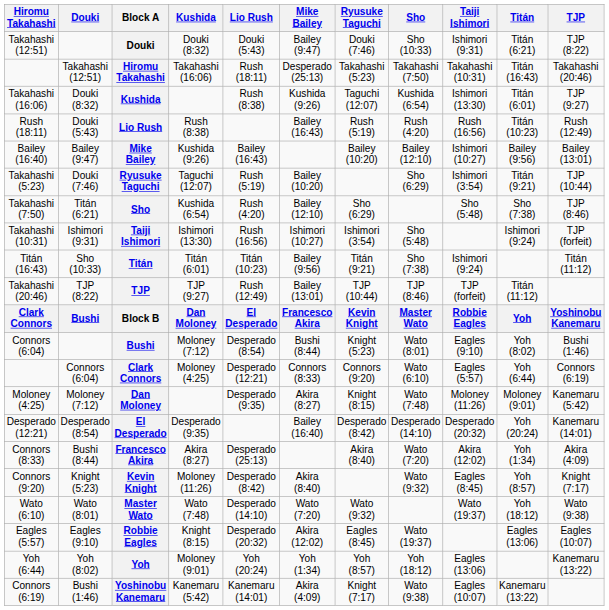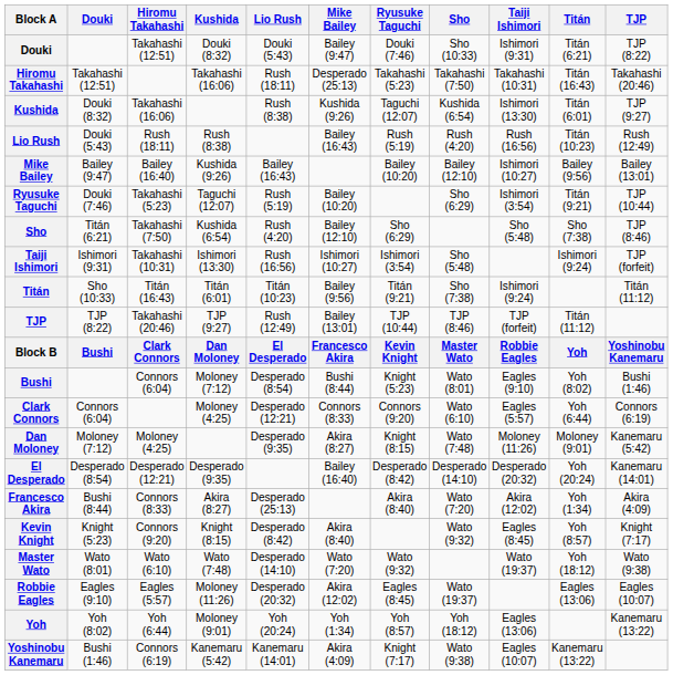 <table class="wikitable" style="margin: 1em auto 1em auto">
 <tr align="center">
+<th>Block A</th>
+<th><a href='#'>Douki</a></th>
 <th><a href='#'>Hiromu Takahashi</a></th>
-<th><a href='#'>Douki</a></th>
-<th>Block A</th>
 <th><a href='#'>Kushida</a></th>
 <th><a href='#'>Lio Rush</a></th>
 <th><a href='#'>Mike Bailey</a></th>
 <th><a href='#'>Ryusuke Taguchi</a></th>
 <th><a href='#'>Sho</a></th>
 <th><a href='#'>Taiji Ishimori</a></th>
 <th><a href='#'>Titán</a></th>
 <th><a href='#'>TJP</a></th>
 </tr>
 <tr align="center">
+<th>Douki</th>
+<td></td>
 <td>Takahashi<br>(12:51)</td>
-<td></td>
-<th>Douki</th>
 <td>Douki<br>(8:32)</td>
 <td>Douki<br>(5:43)</td>
 <td>Bailey<br>(9:47)</td>
 <td>Douki<br>(7:46)</td>
 <td>Sho<br>(10:33)</td>
 <td>Ishimori<br>(9:31)</td>
 <td>Titán<br>(6:21)</td>
 <td>TJP<br>(8:22)</td>
 </tr>
 <tr align="center">
+<th><a href='#'>Hiromu Takahashi</a></th>
+<td>Takahashi<br>(12:51)</td>
 <td></td>
-<td>Takahashi<br>(12:51)</td>
-<th><a href='#'>Hiromu Takahashi</a></th>
 <td>Takahashi<br>(16:06)</td>
 <td>Rush<br>(18:11)</td>
 <td>Desperado<br>(25:13)</td>
 <td>Takahashi<br>(5:23)</td>
 <td>Takahashi<br>(7:50)</td>
 <td>Takahashi<br>(10:31)</td>
 <td>Titán<br>(16:43)</td>
 <td>Takahashi<br>(20:46)</td>
 </tr>
 <tr align="center">
+<th><a href='#'>Kushida</a></th>
+<td>Douki<br>(8:32)</td>
 <td>Takahashi<br>(16:06)</td>
-<td>Douki<br>(8:32)</td>
-<th><a href='#'>Kushida</a></th>
 <td></td>
 <td>Rush<br>(8:38)</td>
 <td>Kushida<br>(9:26)</td>
 <td>Taguchi<br>(12:07)</td>
 <td>Kushida<br>(6:54)</td>
 <td>Ishimori<br>(13:30)</td>
 <td>Titán<br>(6:01)</td>
 <td>TJP<br>(9:27)</td>
 </tr>
 <tr align="center">
+<th><a href='#'>Lio Rush</a></th>
+<td>Douki<br>(5:43)</td>
 <td>Rush<br>(18:11)</td>
-<td>Douki<br>(5:43)</td>
-<th><a href='#'>Lio Rush</a></th>
 <td>Rush<br>(8:38)</td>
 <td></td>
 <td>Bailey<br>(16:43)</td>
 <td>Rush<br>(5:19)</td>
 <td>Rush<br>(4:20)</td>
 <td>Rush<br>(16:56)</td>
 <td>Titán<br>(10:23)</td>
 <td>Rush<br>(12:49)</td>
 </tr>
 <tr align="center">
+<th><a href='#'>Mike Bailey</a></th>
+<td>Bailey<br>(9:47)</td>
 <td>Bailey<br>(16:40)</td>
-<td>Bailey<br>(9:47)</td>
-<th><a href='#'>Mike Bailey</a></th>
 <td>Kushida<br>(9:26)</td>
 <td>Bailey<br>(16:43)</td>
 <td></td>
 <td>Bailey<br>(10:20)</td>
 <td>Bailey<br>(12:10)</td>
 <td>Ishimori<br>(10:27)</td>
 <td>Bailey<br>(9:56)</td>
 <td>Bailey<br>(13:01)</td>
 </tr>
 <tr align="center">
+<th><a href='#'>Ryusuke Taguchi</a></th>
+<td>Douki<br>(7:46)</td>
 <td>Takahashi<br>(5:23)</td>
-<td>Douki<br>(7:46)</td>
-<th><a href='#'>Ryusuke Taguchi</a></th>
 <td>Taguchi<br>(12:07)</td>
 <td>Rush<br>(5:19)</td>
 <td>Bailey<br>(10:20)</td>
 <td></td>
 <td>Sho<br>(6:29)</td>
 <td>Ishimori<br>(3:54)</td>
 <td>Titán<br>(9:21)</td>
 <td>TJP<br>(10:44)</td>
 </tr>
 <tr align="center">
+<th><a href='#'>Sho</a></th>
+<td>Titán<br>(6:21)</td>
 <td>Takahashi<br>(7:50)</td>
-<td>Titán<br>(6:21)</td>
-<th><a href='#'>Sho</a></th>
 <td>Kushida<br>(6:54)</td>
 <td>Rush<br>(4:20)</td>
 <td>Bailey<br>(12:10)</td>
 <td>Sho<br>(6:29)</td>
 <td></td>
 <td>Sho<br>(5:48)</td>
 <td>Sho<br>(7:38)</td>
 <td>TJP<br>(8:46)</td>
 </tr>
 <tr align="center">
+<th><a href='#'>Taiji Ishimori</a></th>
+<td>Ishimori<br>(9:31)</td>
 <td>Takahashi<br>(10:31)</td>
-<td>Ishimori<br>(9:31)</td>
-<th><a href='#'>Taiji Ishimori</a></th>
 <td>Ishimori<br>(13:30)</td>
 <td>Rush<br>(16:56)</td>
 <td>Ishimori<br>(10:27)</td>
 <td>Ishimori<br>(3:54)</td>
 <td>Sho<br>(5:48)</td>
 <td></td>
 <td>Ishimori<br>(9:24)</td>
 <td>TJP<br>(forfeit)</td>
 </tr>
 <tr align="center">
+<th><a href='#'>Titán</a></th>
+<td>Sho<br>(10:33)</td>
 <td>Titán<br>(16:43)</td>
-<td>Sho<br>(10:33)</td>
-<th><a href='#'>Titán</a></th>
 <td>Titán<br>(6:01)</td>
 <td>Titán<br>(10:23)</td>
 <td>Bailey<br>(9:56)</td>
 <td>Titán<br>(9:21)</td>
 <td>Sho<br>(7:38)</td>
 <td>Ishimori<br>(9:24)</td>
 <td></td>
 <td>Titán<br>(11:12)</td>
 </tr>
 <tr align="center">
+<th><a href='#'>TJP</a></th>
+<td>TJP<br>(8:22)</td>
 <td>Takahashi<br>(20:46)</td>
-<td>TJP<br>(8:22)</td>
-<th><a href='#'>TJP</a></th>
 <td>TJP<br>(9:27)</td>
 <td>Rush<br>(12:49)</td>
 <td>Bailey<br>(13:01)</td>
 <td>TJP<br>(10:44)</td>
 <td>TJP<br>(8:46)</td>
 <td>TJP<br>(forfeit)</td>
 <td>Titán<br>(11:12)</td>
 <td></td>
 </tr>
 <tr align="center">
+<th>Block B</th>
+<th><a href='#'>Bushi</a></th>
 <th><a href='#'>Clark Connors</a></th>
-<th><a href='#'>Bushi</a></th>
-<th>Block B</th>
 <th><a href='#'>Dan Moloney</a></th>
 <th><a href='#'>El Desperado</a></th>
 <th><a href='#'>Francesco Akira</a></th>
 <th><a href='#'>Kevin Knight</a></th>
 <th><a href='#'>Master Wato</a></th>
 <th><a href='#'>Robbie Eagles</a></th>
 <th><a href='#'>Yoh</a></th>
 <th><a href='#'>Yoshinobu Kanemaru</a></th>
 </tr>
 <tr align="center">
+<th><a href='#'>Bushi</a></th>
+<td></td>
 <td>Connors<br>(6:04)</td>
-<td></td>
-<th><a href='#'>Bushi</a></th>
 <td>Moloney<br>(7:12)</td>
 <td>Desperado<br>(8:54)</td>
 <td>Bushi<br>(8:44)</td>
 <td>Knight<br>(5:23)</td>
 <td>Wato<br>(8:01)</td>
 <td>Eagles<br>(9:10)</td>
 <td>Yoh<br>(8:02)</td>
 <td>Bushi<br>(1:46)</td>
 </tr>
 <tr align="center">
+<th><a href='#'>Clark Connors</a></th>
+<td>Connors<br>(6:04)</td>
 <td></td>
-<td>Connors<br>(6:04)</td>
-<th><a href='#'>Clark Connors</a></th>
 <td>Moloney<br>(4:25)</td>
 <td>Desperado<br>(12:21)</td>
 <td>Connors<br>(8:33)</td>
 <td>Connors<br>(9:20)</td>
 <td>Wato<br>(6:10)</td>
 <td>Eagles<br>(5:57)</td>
 <td>Yoh<br>(6:44)</td>
 <td>Connors<br>(6:19)</td>
 </tr>
 <tr align="center">
+<th><a href='#'>Dan Moloney</a></th>
+<td>Moloney<br>(7:12)</td>
 <td>Moloney<br>(4:25)</td>
-<td>Moloney<br>(7:12)</td>
-<th><a href='#'>Dan Moloney</a></th>
 <td></td>
 <td>Desperado<br>(9:35)</td>
 <td>Akira<br>(8:27)</td>
 <td>Knight<br>(8:15)</td>
 <td>Wato<br>(7:48)</td>
 <td>Moloney<br>(11:26)</td>
 <td>Moloney<br>(9:01)</td>
 <td>Kanemaru<br>(5:42)</td>
 </tr>
 <tr align="center">
+<th><a href='#'>El Desperado</a></th>
+<td>Desperado<br>(8:54)</td>
 <td>Desperado<br>(12:21)</td>
-<td>Desperado<br>(8:54)</td>
-<th><a href='#'>El Desperado</a></th>
 <td>Desperado<br>(9:35)</td>
 <td></td>
 <td>Bailey<br>(16:40)</td>
 <td>Desperado<br>(8:42)</td>
 <td>Desperado<br>(14:10)</td>
 <td>Desperado<br>(20:32)</td>
 <td>Yoh<br>(20:24)</td>
 <td>Kanemaru<br>(14:01)</td>
 </tr>
 <tr align="center">
+<th><a href='#'>Francesco Akira</a></th>
+<td>Bushi<br>(8:44)</td>
 <td>Connors<br>(8:33)</td>
-<td>Bushi<br>(8:44)</td>
-<th><a href='#'>Francesco Akira</a></th>
 <td>Akira<br>(8:27)</td>
 <td>Desperado<br>(25:13)</td>
 <td></td>
 <td>Akira<br>(8:40)</td>
 <td>Wato<br>(7:20)</td>
 <td>Akira<br>(12:02)</td>
 <td>Yoh<br>(1:34)</td>
 <td>Akira<br>(4:09)</td>
 </tr>
 <tr align="center">
+<th><a href='#'>Kevin Knight</a></th>
+<td>Knight<br>(5:23)</td>
 <td>Connors<br>(9:20)</td>
-<td>Knight<br>(5:23)</td>
-<th><a href='#'>Kevin Knight</a></th>
-<td>Moloney<br>(11:26)</td>
+<td>Knight<br>(8:15)</td>
 <td>Desperado<br>(8:42)</td>
 <td>Akira<br>(8:40)</td>
 <td></td>
 <td>Wato<br>(9:32)</td>
 <td>Eagles<br>(8:45)</td>
 <td>Yoh<br>(8:57)</td>
 <td>Knight<br>(7:17)</td>
 </tr>
 <tr align="center">
+<th><a href='#'>Master Wato</a></th>
+<td>Wato<br>(8:01)</td>
 <td>Wato<br>(6:10)</td>
-<td>Wato<br>(8:01)</td>
-<th><a href='#'>Master Wato</a></th>
 <td>Wato<br>(7:48)</td>
 <td>Desperado<br>(14:10)</td>
 <td>Wato<br>(7:20)</td>
 <td>Wato<br>(9:32)</td>
 <td></td>
 <td>Wato<br>(19:37)</td>
 <td>Yoh<br>(18:12)</td>
 <td>Wato<br>(9:38)</td>
 </tr>
 <tr align="center">
+<th><a href='#'>Robbie Eagles</a></th>
+<td>Eagles<br>(9:10)</td>
 <td>Eagles<br>(5:57)</td>
-<td>Eagles<br>(9:10)</td>
-<th><a href='#'>Robbie Eagles</a></th>
-<td>Knight<br>(8:15)</td>
+<td>Moloney<br>(11:26)</td>
 <td>Desperado<br>(20:32)</td>
 <td>Akira<br>(12:02)</td>
 <td>Eagles<br>(8:45)</td>
 <td>Wato<br>(19:37)</td>
 <td></td>
 <td>Eagles<br>(13:06)</td>
 <td>Eagles<br>(10:07)</td>
 </tr>
 <tr align="center">
+<th><a href='#'>Yoh</a></th>
+<td>Yoh<br>(8:02)</td>
 <td>Yoh<br>(6:44)</td>
-<td>Yoh<br>(8:02)</td>
-<th><a href='#'>Yoh</a></th>
 <td>Moloney<br>(9:01)</td>
 <td>Yoh<br>(20:24)</td>
 <td>Yoh<br>(1:34)</td>
 <td>Yoh<br>(8:57)</td>
 <td>Yoh<br>(18:12)</td>
 <td>Eagles<br>(13:06)</td>
 <td></td>
 <td>Kanemaru<br>(13:22)</td>
 </tr>
 <tr align="center">
+<th><a href='#'>Yoshinobu Kanemaru</a></th>
+<td>Bushi<br>(1:46)</td>
 <td>Connors<br>(6:19)</td>
-<td>Bushi<br>(1:46)</td>
-<th><a href='#'>Yoshinobu Kanemaru</a></th>
 <td>Kanemaru<br>(5:42)</td>
 <td>Kanemaru<br>(14:01)</td>
 <td>Akira<br>(4:09)</td>
 <td>Knight<br>(7:17)</td>
 <td>Wato<br>(9:38)</td>
 <td>Eagles<br>(10:07)</td>
 <td>Kanemaru<br>(13:22)</td>
 <td></td>
 </tr>
 </table>
